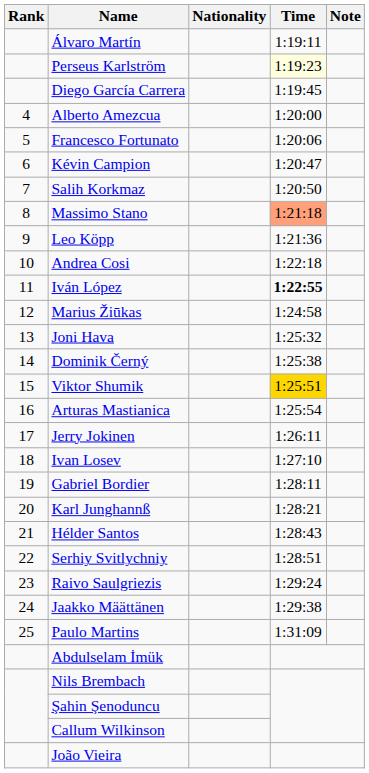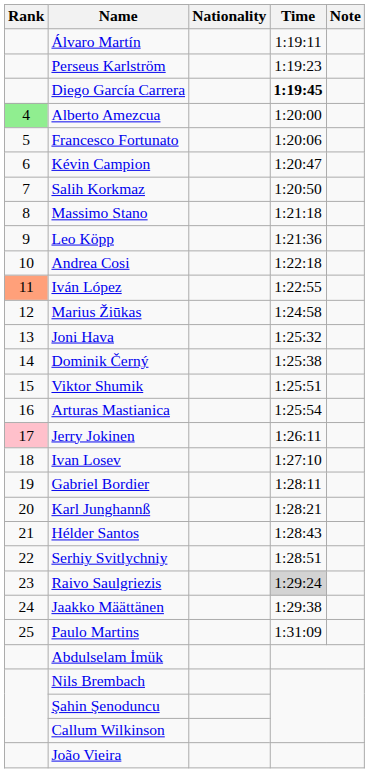 <table class="wikitable sortable"  style="text-align:center">
 <tr>
 <th>Rank</th>
 <th>Name</th>
 <th>Nationality</th>
 <th>Time</th>
 <th>Note</th>
 </tr>
 <tr>
 <td></td>
 <td align=left><a href='#'>Álvaro Martín</a></td>
 <td align=left></td>
 <td>1:19:11</td>
 <td></td>
 </tr>
 <tr>
 <td></td>
 <td align=left><a href='#'>Perseus Karlström</a></td>
 <td align=left></td>
-<td style="background: lightyellow;">1:19:23</td>
+<td>1:19:23</td>
 <td></td>
 </tr>
 <tr>
 <td></td>
 <td align=left><a href='#'>Diego García Carrera</a></td>
 <td align=left></td>
-<td>1:19:45</td>
+<td><strong>1:19:45</strong></td>
 <td></td>
 </tr>
 <tr>
-<td>4</td>
+<td style="background: lightgreen;">4</td>
 <td align=left><a href='#'>Alberto Amezcua</a></td>
 <td align=left></td>
 <td>1:20:00</td>
 <td></td>
 </tr>
 <tr>
 <td>5</td>
 <td align=left><a href='#'>Francesco Fortunato</a></td>
 <td align=left></td>
 <td>1:20:06</td>
 <td></td>
 </tr>
 <tr>
 <td>6</td>
 <td align=left><a href='#'>Kévin Campion</a></td>
 <td align=left></td>
 <td>1:20:47</td>
 <td></td>
 </tr>
 <tr>
 <td>7</td>
 <td align=left><a href='#'>Salih Korkmaz</a></td>
 <td align=left></td>
 <td>1:20:50</td>
 <td></td>
 </tr>
 <tr>
 <td>8</td>
 <td align=left><a href='#'>Massimo Stano</a></td>
 <td align=left></td>
-<td style="background: lightsalmon;">1:21:18</td>
+<td>1:21:18</td>
 <td></td>
 </tr>
 <tr>
 <td>9</td>
 <td align=left><a href='#'>Leo Köpp</a></td>
 <td align=left></td>
 <td>1:21:36</td>
 <td></td>
 </tr>
 <tr>
 <td>10</td>
 <td align=left><a href='#'>Andrea Cosi</a></td>
 <td align=left></td>
 <td>1:22:18</td>
 <td></td>
 </tr>
 <tr>
-<td>11</td>
+<td style="background: lightsalmon;">11</td>
 <td align=left><a href='#'>Iván López</a></td>
 <td align=left></td>
-<td><strong>1:22:55</strong></td>
+<td>1:22:55</td>
 <td></td>
 </tr>
 <tr>
 <td>12</td>
 <td align=left><a href='#'>Marius Žiūkas</a></td>
 <td align=left></td>
 <td>1:24:58</td>
 <td></td>
 </tr>
 <tr>
 <td>13</td>
 <td align=left><a href='#'>Joni Hava</a></td>
 <td align=left></td>
 <td>1:25:32</td>
 <td></td>
 </tr>
 <tr>
 <td>14</td>
 <td align=left><a href='#'>Dominik Černý</a></td>
 <td align=left></td>
 <td>1:25:38</td>
 <td></td>
 </tr>
 <tr>
 <td>15</td>
 <td align=left><a href='#'>Viktor Shumik</a></td>
 <td align=left></td>
-<td style="background: gold;">1:25:51</td>
+<td>1:25:51</td>
 <td></td>
 </tr>
 <tr>
 <td>16</td>
 <td align=left><a href='#'>Arturas Mastianica</a></td>
 <td align=left></td>
 <td>1:25:54</td>
 <td></td>
 </tr>
 <tr>
-<td>17</td>
+<td style="background: pink;">17</td>
 <td align=left><a href='#'>Jerry Jokinen</a></td>
 <td align=left></td>
 <td>1:26:11</td>
 <td></td>
 </tr>
 <tr>
 <td>18</td>
 <td align=left><a href='#'>Ivan Losev</a></td>
 <td align=left></td>
 <td>1:27:10</td>
 <td></td>
 </tr>
 <tr>
 <td>19</td>
 <td align=left><a href='#'>Gabriel Bordier</a></td>
 <td align=left></td>
 <td>1:28:11</td>
 <td></td>
 </tr>
 <tr>
 <td>20</td>
 <td align=left><a href='#'>Karl Junghannß</a></td>
 <td align=left></td>
 <td>1:28:21</td>
 <td></td>
 </tr>
 <tr>
 <td>21</td>
 <td align=left><a href='#'>Hélder Santos</a></td>
 <td align=left></td>
 <td>1:28:43</td>
 <td></td>
 </tr>
 <tr>
 <td>22</td>
 <td align=left><a href='#'>Serhiy Svitlychniy</a></td>
 <td align=left></td>
 <td>1:28:51</td>
 <td></td>
 </tr>
 <tr>
 <td>23</td>
 <td align=left><a href='#'>Raivo Saulgriezis</a></td>
 <td align=left></td>
-<td>1:29:24</td>
+<td style="background: lightgrey;">1:29:24</td>
 <td></td>
 </tr>
 <tr>
 <td>24</td>
 <td align=left><a href='#'>Jaakko Määttänen</a></td>
 <td align=left></td>
 <td>1:29:38</td>
 <td></td>
 </tr>
 <tr>
 <td>25</td>
 <td align=left><a href='#'>Paulo Martins</a></td>
 <td align=left></td>
 <td>1:31:09</td>
 <td></td>
 </tr>
 <tr>
 <td></td>
 <td align=left><a href='#'>Abdulselam İmük</a></td>
 <td align=left></td>
 <td colspan=2></td>
 </tr>
 <tr>
 <td rowspan=3></td>
 <td align=left><a href='#'>Nils Brembach</a></td>
 <td align=left></td>
 <td colspan=2 rowspan=3></td>
 </tr>
 <tr>
 <td align=left><a href='#'>Şahin Şenoduncu</a></td>
 <td align=left></td>
 </tr>
 <tr>
 <td align=left><a href='#'>Callum Wilkinson</a></td>
 <td align=left></td>
 </tr>
 <tr>
 <td></td>
 <td align=left><a href='#'>João Vieira</a></td>
 <td align=left></td>
 <td colspan=2></td>
 </tr>
 </table>
